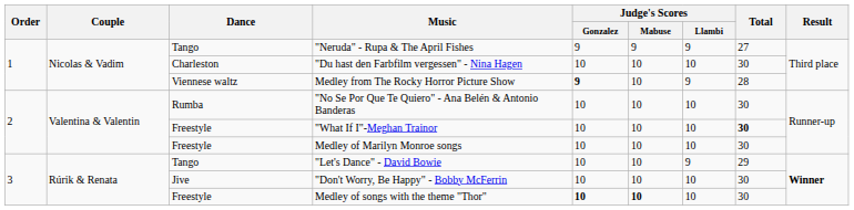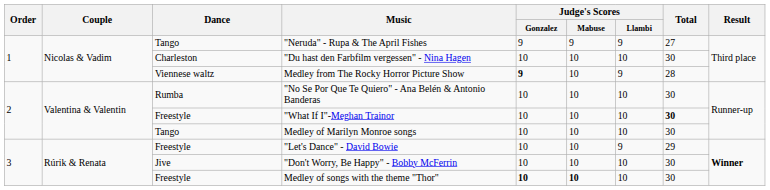 <table class="wikitable sortable center">
 <tr>
 <th rowspan="2" style="width: 4em">Order</th>
 <th rowspan="2" style="width: 17em">Couple</th>
 <th rowspan="2" style="width: 20em">Dance</th>
 <th rowspan="2" style="width: 40em">Music</th>
 <th colspan="3">Judge's Scores</th>
 <th rowspan="2" style="width: 6em">Total</th>
 <th rowspan="2" style="width: 7em">Result</th>
 </tr>
 <tr>
 <th style="width: 6em"><small>Gonzalez</small></th>
 <th style="width: 6em"><small>Mabuse</small></th>
 <th style="width: 6em"><small>Llambi</small></th>
 </tr>
 <tr>
 <td rowspan="3">1</td>
 <td rowspan="3">Nicolas & Vadim</td>
 <td>Tango</td>
 <td>"Neruda" - Rupa & The April Fishes</td>
 <td>9</td>
 <td>9</td>
 <td>9</td>
 <td>27</td>
 <td rowspan="3">Third place</td>
 </tr>
 <tr>
 <td>Charleston</td>
 <td>"Du hast den Farbfilm vergessen" - <a href='#'>Nina Hagen</a></td>
 <td>10</td>
 <td>10</td>
 <td>10</td>
 <td>30</td>
 </tr>
 <tr>
 <td>Viennese waltz</td>
 <td>Medley from The Rocky Horror Picture Show</td>
 <td><strong>9</strong></td>
 <td>10</td>
 <td>9</td>
 <td>28</td>
 </tr>
 <tr>
 <td rowspan="3">2</td>
 <td rowspan="3">Valentina & Valentin</td>
 <td>Rumba</td>
 <td>"No Se Por Que Te Quiero" - Ana Belén & Antonio Banderas</td>
 <td>10</td>
 <td>10</td>
 <td>10</td>
 <td>30</td>
 <td rowspan="3">Runner-up</td>
 </tr>
 <tr>
 <td>Freestyle</td>
 <td>"What If I"-<a href='#'>Meghan Trainor</a></td>
 <td>10</td>
 <td>10</td>
 <td>10</td>
 <td><strong>30</strong></td>
 </tr>
 <tr>
-<td>Freestyle</td>
+<td>Tango</td>
 <td>Medley of Marilyn Monroe songs</td>
 <td>10</td>
 <td>10</td>
 <td>10</td>
 <td>30</td>
 </tr>
 <tr>
 <td rowspan="3">3</td>
 <td rowspan="3">Rúrik & Renata</td>
-<td>Tango</td>
+<td>Freestyle</td>
 <td>"Let's Dance" - <a href='#'>David Bowie</a></td>
 <td>10</td>
 <td>10</td>
 <td>9</td>
 <td>29</td>
 <td rowspan="3"><strong>Winner</strong></td>
 </tr>
 <tr>
 <td>Jive</td>
 <td>"Don't Worry, Be Happy" - <a href='#'>Bobby McFerrin</a></td>
 <td>10</td>
 <td>10</td>
 <td>10</td>
 <td>30</td>
 </tr>
 <tr>
 <td>Freestyle</td>
 <td>Medley of songs with the theme "Thor"</td>
 <td><strong>10</strong></td>
 <td><strong>10</strong></td>
 <td>10</td>
 <td>30</td>
 </tr>
 </table>
